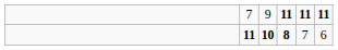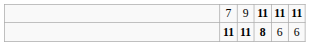 <table class="wikitable">
 <tr>
 <td style="width:18em"><strong> </strong></td>
 <td align=center style="width:1em">7</td>
 <td align=center style="width:1em">9</td>
 <td align=center style="width:1em"><strong>11</strong></td>
 <td align=center style="width:1em"><strong>11</strong></td>
 <td align=center style="width:1em"><strong>11</strong></td>
 </tr>
 <tr>
 <td style="width:18em"></td>
 <td align=center style="width:1em"><strong>11</strong></td>
-<td align=center style="width:1em"><strong>10</strong></td>
+<td align=center style="width:1em"><strong>11</strong></td>
 <td align=center style="width:1em"><strong>8</strong></td>
-<td align=center style="width:1em">7</td>
+<td align=center style="width:1em">6</td>
 <td align=center style="width:1em">6</td>
 </tr>
 </table>
